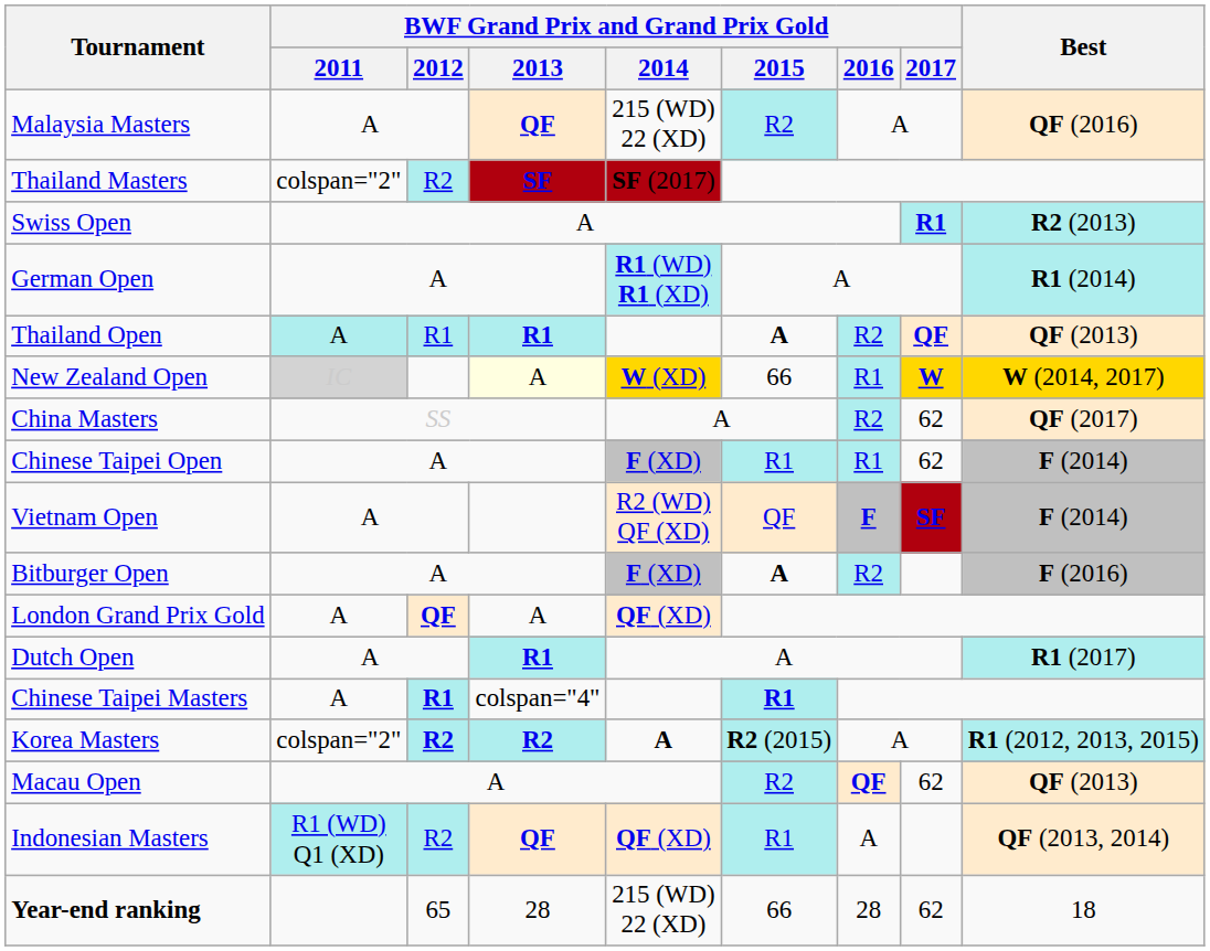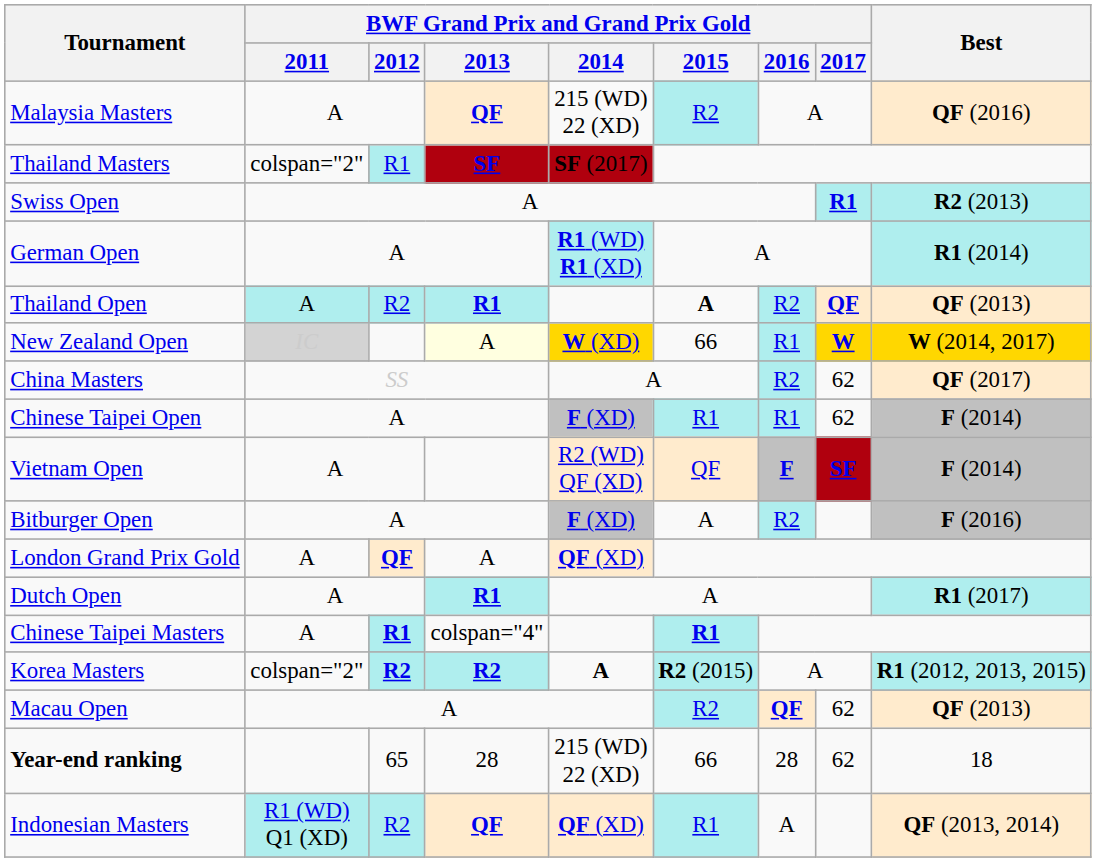 <table class="wikitable" style="font-size: 90%; text-align:center">
 <tr>
 <th rowspan="2">Tournament</th>
 <th colspan="7"><strong><a href='#'>BWF Grand Prix and Grand Prix Gold</a></strong></th>
 <th rowspan="2">Best</th>
 </tr>
 <tr>
 <th><a href='#'>2011</a></th>
 <th><a href='#'>2012</a></th>
 <th><a href='#'>2013</a></th>
 <th><a href='#'>2014</a></th>
 <th><a href='#'>2015</a></th>
 <th><a href='#'>2016</a></th>
 <th><a href='#'>2017</a></th>
 </tr>
 <tr>
 <td align=left><a href='#'>Malaysia Masters</a></td>
 <td colspan="2">A</td>
 <td bgcolor=FFEBCD><a href='#'><strong>QF</strong></a></td>
 <td>215 (WD)<br>22 (XD)</td>
 <td bgcolor=AFEEEE><a href='#'>R2</a></td>
 <td colspan="2">A</td>
 <td bgcolor=FFEBCD><strong>QF</strong> (2016)</td>
 </tr>
 <tr>
 <td align=left><a href='#'>Thailand Masters</a></td>
 <td>colspan="2" </td>
-<td bgcolor=AFEEEE><a href='#'>R2</a></td>
+<td bgcolor=AFEEEE><a href='#'>R1</a></td>
 <td bgcolor=Bronze><a href='#'><strong>SF</strong></a></td>
 <td bgcolor=Bronze><strong>SF</strong> (2017)</td>
 </tr>
 <tr>
 <td align=left><a href='#'>Swiss Open</a></td>
 <td colspan="6">A</td>
 <td bgcolor=AFEEEE><a href='#'><strong>R1</strong></a></td>
 <td bgcolor=AFEEEE><strong>R2</strong> (2013)</td>
 </tr>
 <tr>
 <td align=left><a href='#'>German Open</a></td>
 <td colspan="3">A</td>
 <td bgcolor=AFEEEE><a href='#'><strong>R1</strong> (WD)</a><br><a href='#'><strong>R1</strong> (XD)</a></td>
 <td colspan="3">A</td>
 <td bgcolor=AFEEEE><strong>R1</strong> (2014)</td>
 </tr>
 <tr>
 <td align=left><a href='#'>Thailand Open</a></td>
 <td style="background: paleturquoise;">A</td>
-<td bgcolor=AFEEEE><a href='#'>R1</a></td>
+<td bgcolor=AFEEEE><a href='#'>R2</a></td>
 <td bgcolor=AFEEEE><strong><a href='#'>R1</a></strong></td>
 <td></td>
 <td><strong>A</strong></td>
 <td bgcolor=AFEEEE><a href='#'>R2</a></td>
 <td bgcolor=FFEBCD><a href='#'><strong>QF</strong></a></td>
 <td bgcolor=FFEBCD><strong>QF</strong> (2013)</td>
 </tr>
 <tr>
 <td align=left><a href='#'>New Zealand Open</a></td>
 <td style="background: lightgrey; color:#ccc"><em>IC</em></td>
 <td></td>
 <td style="background: lightyellow;">A</td>
 <td bgcolor=Gold><a href='#'><strong>W</strong> (XD)</a></td>
 <td>66</td>
 <td bgcolor=AFEEEE><a href='#'>R1</a></td>
 <td bgcolor=Gold><a href='#'><strong>W</strong></a></td>
 <td bgcolor=Gold><strong>W</strong> (2014, 2017)</td>
 </tr>
 <tr>
 <td align=left><a href='#'>China Masters</a></td>
 <td colspan="3" style=color:#ccc><em>SS</em></td>
 <td colspan="2">A</td>
 <td bgcolor=AFEEEE><a href='#'>R2</a></td>
 <td>62</td>
 <td bgcolor=FFEBCD><strong>QF</strong> (2017)</td>
 </tr>
 <tr>
 <td align=left><a href='#'>Chinese Taipei Open</a></td>
 <td colspan="3">A</td>
 <td bgcolor=Silver><a href='#'><strong>F</strong> (XD)</a></td>
 <td bgcolor=AFEEEE><a href='#'>R1</a></td>
 <td bgcolor=AFEEEE><a href='#'>R1</a></td>
 <td>62</td>
 <td bgcolor=Silver><strong>F</strong> (2014)</td>
 </tr>
 <tr>
 <td align=left><a href='#'>Vietnam Open</a></td>
 <td colspan="2">A</td>
 <td></td>
 <td bgcolor=FFEBCD><a href='#'>R2 (WD)</a><br><a href='#'>QF (XD)</a></td>
 <td bgcolor=FFEBCD><a href='#'>QF</a></td>
 <td bgcolor=Silver><a href='#'><strong>F</strong></a></td>
 <td bgcolor=Bronze><strong><a href='#'>SF</a></strong></td>
 <td bgcolor=Silver><strong>F</strong> (2014)</td>
 </tr>
 <tr>
 <td align=left><a href='#'>Bitburger Open</a></td>
 <td colspan="3">A</td>
 <td bgcolor=Silver><a href='#'><strong>F</strong> (XD)</a></td>
-<td><strong>A</strong></td>
+<td>A</td>
 <td bgcolor=AFEEEE><a href='#'>R2</a></td>
 <td></td>
 <td bgcolor=Silver><strong>F</strong> (2016)</td>
 </tr>
 <tr>
 <td align=left><a href='#'>London Grand Prix Gold</a></td>
 <td>A</td>
 <td bgcolor=FFEBCD><a href='#'><strong>QF</strong></a></td>
 <td>A</td>
 <td bgcolor=FFEBCD><a href='#'><strong>QF</strong> (XD)</a></td>
 </tr>
 <tr>
 <td align=left><a href='#'>Dutch Open</a></td>
 <td colspan="2">A</td>
 <td bgcolor=AFEEEE><a href='#'><strong>R1</strong></a></td>
 <td colspan="4">A</td>
 <td bgcolor=AFEEEE><strong>R1</strong> (2017)</td>
 </tr>
 <tr>
 <td align=left><a href='#'>Chinese Taipei Masters</a></td>
 <td>A</td>
 <td bgcolor=AFEEEE><a href='#'><strong>R1</strong></a></td>
 <td>colspan="4" </td>
 <td></td>
 <td bgcolor=AFEEEE><a href='#'><strong>R1</strong></a></td>
 </tr>
 <tr>
 <td align=left><a href='#'>Korea Masters</a></td>
 <td>colspan="2" </td>
 <td bgcolor=AFEEEE><a href='#'><strong>R2</strong></a></td>
 <td bgcolor=AFEEEE><a href='#'><strong>R2</strong></a></td>
 <td><strong>A</strong></td>
 <td bgcolor=AFEEEE><strong>R2</strong> (2015)</td>
 <td colspan="2">A</td>
 <td bgcolor=AFEEEE><strong>R1</strong> (2012, 2013, 2015)</td>
 </tr>
 <tr>
 <td align=left><a href='#'>Macau Open</a></td>
 <td colspan="4">A</td>
 <td bgcolor=AFEEEE><a href='#'>R2</a></td>
 <td bgcolor=FFEBCD><a href='#'><strong>QF</strong></a></td>
 <td>62</td>
 <td bgcolor=FFEBCD><strong>QF</strong> (2013)</td>
 </tr>
 <tr>
+<td align=left><strong>Year-end ranking</strong></td>
+<td></td>
+<td>65</td>
+<td>28</td>
+<td>215 (WD)<br>22 (XD)</td>
+<td>66</td>
+<td>28</td>
+<td>62</td>
+<td>18</td>
+</tr>
+<tr>
 <td align=left><a href='#'>Indonesian Masters</a></td>
 <td bgcolor=AFEEEE><a href='#'>R1 (WD)</a><br> Q1 (XD)</td>
 <td bgcolor=AFEEEE><a href='#'>R2</a></td>
 <td bgcolor=FFEBCD><a href='#'><strong>QF</strong></a></td>
 <td bgcolor=FFEBCD><a href='#'><strong>QF</strong> (XD)</a></td>
 <td bgcolor=AFEEEE><a href='#'>R1</a></td>
 <td>A</td>
 <td></td>
 <td bgcolor=FFEBCD><strong>QF</strong> (2013, 2014)</td>
 </tr>
-<tr>
-<td align=left><strong>Year-end ranking</strong></td>
-<td></td>
-<td>65</td>
-<td>28</td>
-<td>215 (WD)<br>22 (XD)</td>
-<td>66</td>
-<td>28</td>
-<td>62</td>
-<td>18</td>
-</tr>
 </table>
